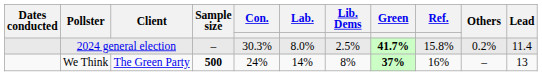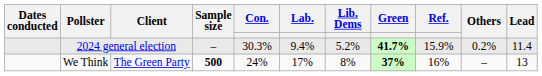 <table class="wikitable sortable mw-datatable" style="text-align:center; font-size:90%; line-height:14px">
 <tr>
 <th rowspan=2>Dates<br>conducted</th>
 <th rowspan=2>Pollster</th>
 <th rowspan=2>Client</th>
 <th rowspan=2 data-sort-type="number">Sample<br>size</th>
 <th class="unsortable" style="width:50px"><a href='#'>Con.</a></th>
 <th class="unsortable" style="width:50px"><a href='#'>Lab.</a></th>
 <th class="unsortable" style="width:50px"><a href='#'>Lib. Dems</a></th>
 <th class="unsortable" style="width:50px"><a href='#'>Green</a></th>
 <th class="unsortable" style="width:50px"><a href='#'>Ref.</a></th>
 <th rowspan=2 class="unsortable" style="width:50px">Others</th>
 <th rowspan=2 data-sort-type="number">Lead</th>
 </tr>
 <tr>
 <th data-sort-type="number" style="background:"></th>
 <th data-sort-type="number" style="background:"></th>
 <th data-sort-type="number" style="background:"></th>
 <th data-sort-type="number" style="background:"></th>
 <th data-sort-type="number" style="background:"></th>
 </tr>
 <tr style="background:#e9e9e9">
 <td></td>
 <td colspan=2><a href='#'>2024 general election</a></td>
 <td>–</td>
 <td>30.3%</td>
-<td>8.0%</td>
-<td>2.5%</td>
+<td>9.4%</td>
+<td>5.2%</td>
 <td style="background:#CCFFC6"><strong>41.7%</strong></td>
-<td>15.8%</td>
+<td>15.9%</td>
 <td>0.2%</td>
 <td style="background:">11.4</td>
 </tr>
 <tr>
 <td></td>
 <td>We Think</td>
 <td><a href='#'>The Green Party</a></td>
 <td><strong>500</strong></td>
 <td>24%</td>
-<td>14%</td>
+<td>17%</td>
 <td>8%</td>
 <td style="background:#CCFFC6"><strong>37%</strong></td>
 <td>16%</td>
 <td>–</td>
 <td style="background:">13</td>
 </tr>
 </table>
